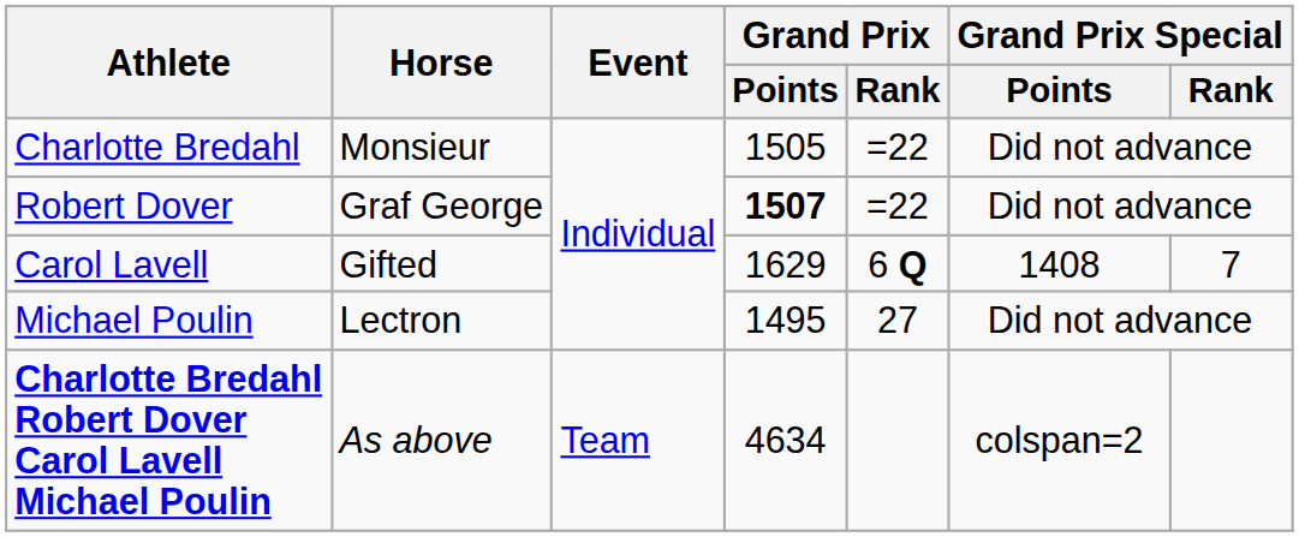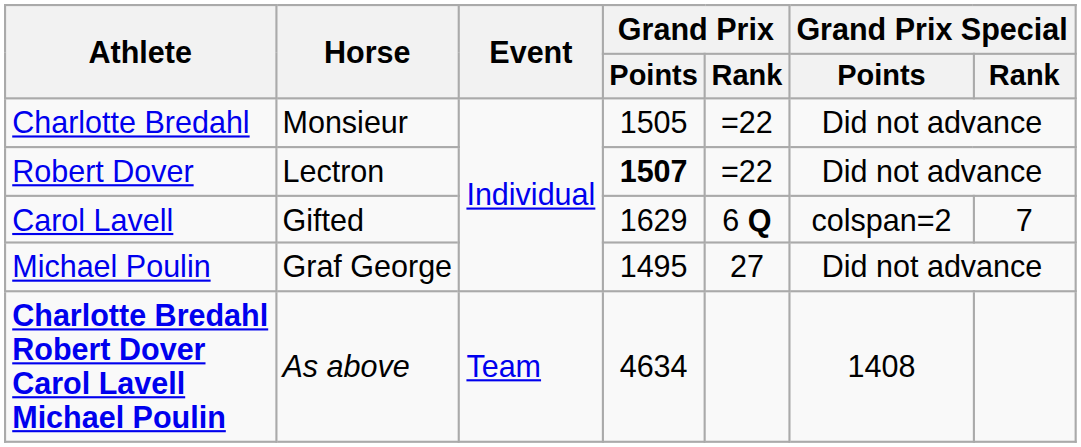 <table class=wikitable style=font-size:90%;text-align:center>
 <tr>
 <th rowspan=2>Athlete</th>
 <th rowspan=2>Horse</th>
 <th rowspan=2>Event</th>
 <th colspan=2>Grand Prix</th>
 <th colspan=2>Grand Prix Special</th>
 </tr>
 <tr style=font-size:95%>
 <th>Points</th>
 <th>Rank</th>
 <th>Points</th>
 <th>Rank</th>
 </tr>
 <tr>
 <td align=left><a href='#'>Charlotte Bredahl</a></td>
 <td align=left>Monsieur</td>
 <td align=left rowspan=4><a href='#'>Individual</a></td>
 <td>1505</td>
 <td>=22</td>
 <td colspan=2>Did not advance</td>
 </tr>
 <tr>
 <td align=left><a href='#'>Robert Dover</a></td>
-<td align=left>Graf George</td>
+<td align=left>Lectron</td>
 <td><strong>1507</strong></td>
 <td>=22</td>
 <td colspan=2>Did not advance</td>
 </tr>
 <tr>
 <td align=left><a href='#'>Carol Lavell</a></td>
 <td align=left>Gifted</td>
 <td>1629</td>
 <td>6 <strong>Q</strong></td>
-<td>1408</td>
+<td>colspan=2 </td>
 <td>7</td>
 </tr>
 <tr>
 <td align=left><a href='#'>Michael Poulin</a></td>
-<td align=left>Lectron</td>
+<td align=left>Graf George</td>
 <td>1495</td>
 <td>27</td>
 <td colspan=2>Did not advance</td>
 </tr>
 <tr>
 <td align=left><strong><a href='#'>Charlotte Bredahl</a><br><a href='#'>Robert Dover</a><br><a href='#'>Carol Lavell</a><br><a href='#'>Michael Poulin</a></strong></td>
 <td align=left><em>As above</em></td>
 <td align=left><a href='#'>Team</a></td>
 <td>4634</td>
 <td></td>
-<td>colspan=2 </td>
+<td>1408</td>
 </tr>
 </table>
